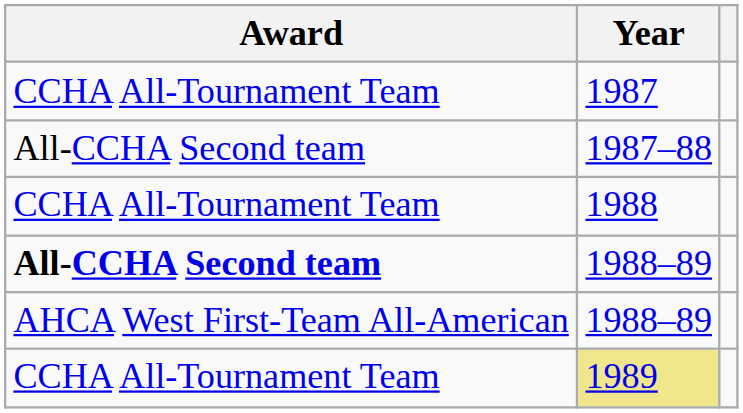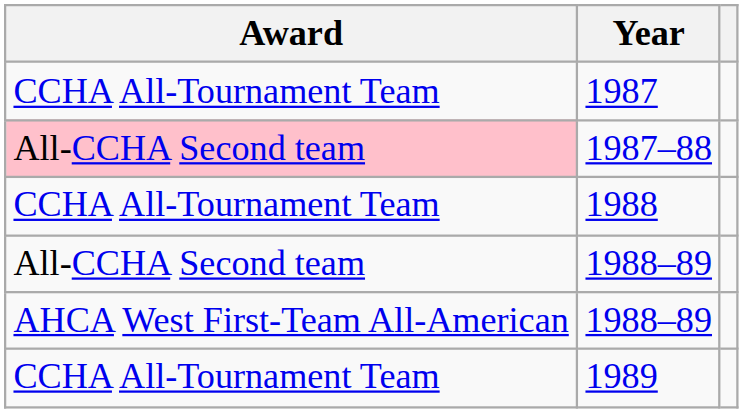 <table class="wikitable">
 <tr>
 <th>Award</th>
 <th>Year</th>
 <th></th>
 </tr>
 <tr>
 <td><a href='#'>CCHA</a> <a href='#'>All-Tournament Team</a></td>
 <td><a href='#'>1987</a></td>
 <td></td>
 </tr>
 <tr>
-<td>All-<a href='#'>CCHA</a> <a href='#'>Second team</a></td>
+<td style="background: pink;">All-<a href='#'>CCHA</a> <a href='#'>Second team</a></td>
 <td><a href='#'>1987–88</a></td>
 <td></td>
 </tr>
 <tr>
 <td><a href='#'>CCHA</a> <a href='#'>All-Tournament Team</a></td>
 <td><a href='#'>1988</a></td>
 <td></td>
 </tr>
 <tr>
-<td><strong>All-<a href='#'>CCHA</a> <a href='#'>Second team</a></strong></td>
+<td>All-<a href='#'>CCHA</a> <a href='#'>Second team</a></td>
 <td><a href='#'>1988–89</a></td>
 <td></td>
 </tr>
 <tr>
 <td><a href='#'>AHCA</a> <a href='#'>West First-Team All-American</a></td>
 <td><a href='#'>1988–89</a></td>
 <td></td>
 </tr>
 <tr>
 <td><a href='#'>CCHA</a> <a href='#'>All-Tournament Team</a></td>
-<td style="background: khaki;"><a href='#'>1989</a></td>
+<td><a href='#'>1989</a></td>
 <td></td>
 </tr>
 </table>
